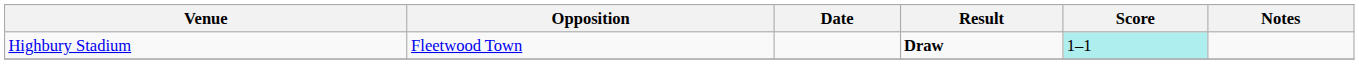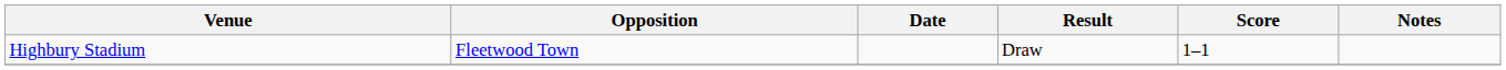 <table width=98% class="wikitable sortable" style="text-align:center; font-size:95%; text-align:left">
 <tr>
 <th>Venue</th>
 <th>Opposition</th>
 <th>Date</th>
 <th>Result</th>
 <th>Score</th>
 <th>Notes</th>
 </tr>
 <tr>
 <td><a href='#'>Highbury Stadium</a></td>
 <td><a href='#'>Fleetwood Town</a></td>
 <td></td>
-<td><strong>Draw</strong></td>
-<td style="background: paleturquoise;">1–1</td>
+<td>Draw</td>
+<td>1–1</td>
 <td></td>
 </tr>
 <tr>
 </tr>
 </table>
